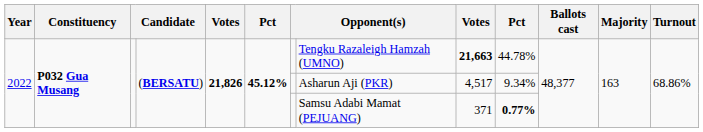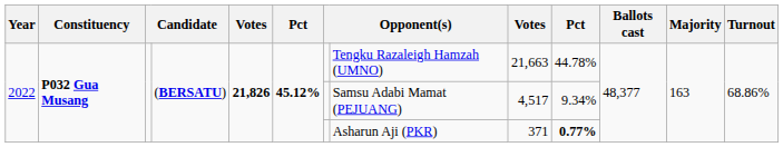 <table class="wikitable" style="margin:0.5em ; font-size:95%">
 <tr>
 <th>Year</th>
 <th>Constituency</th>
 <th colspan=2>Candidate</th>
 <th>Votes</th>
 <th>Pct</th>
 <th colspan=2>Opponent(s)</th>
 <th>Votes</th>
 <th>Pct</th>
 <th>Ballots cast</th>
 <th>Majority</th>
 <th>Turnout</th>
 </tr>
 <tr>
 <td rowspan="3"><a href='#'>2022</a></td>
 <td rowspan="3"><strong>P032 <a href='#'>Gua Musang</a></strong></td>
 <td rowspan="3" ></td>
 <td rowspan="3"> (<a href='#'><strong>BERSATU</strong></a>)</td>
 <td rowspan="3" align="right"><strong>21,826</strong></td>
 <td rowspan="3"><strong>45.12%</strong></td>
 <td></td>
 <td><a href='#'>Tengku Razaleigh Hamzah</a> (<a href='#'>UMNO</a>)</td>
-<td align="right"><strong>21,663</strong></td>
+<td align="right">21,663</td>
 <td>44.78%</td>
 <td rowspan=3>48,377</td>
 <td rowspan=3>163</td>
 <td rowspan=3>68.86%</td>
 </tr>
 <tr>
 <td></td>
-<td>Asharun Aji (<a href='#'>PKR</a>)</td>
+<td>Samsu Adabi Mamat (<a href='#'>PEJUANG</a>)</td>
 <td align="right">4,517</td>
 <td align=right>9.34%</td>
 </tr>
 <tr>
 <td bgcolor=></td>
-<td>Samsu Adabi Mamat (<a href='#'>PEJUANG</a>)</td>
+<td>Asharun Aji (<a href='#'>PKR</a>)</td>
 <td align="right">371</td>
 <td align=right><strong>0.77%</strong></td>
 </tr>
 </table>
